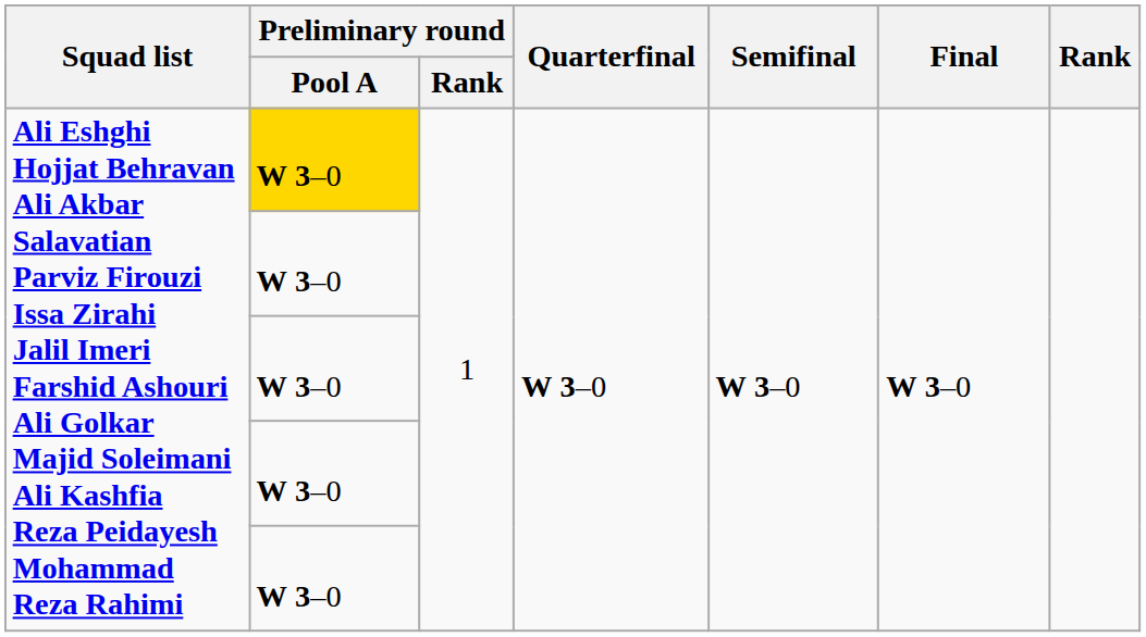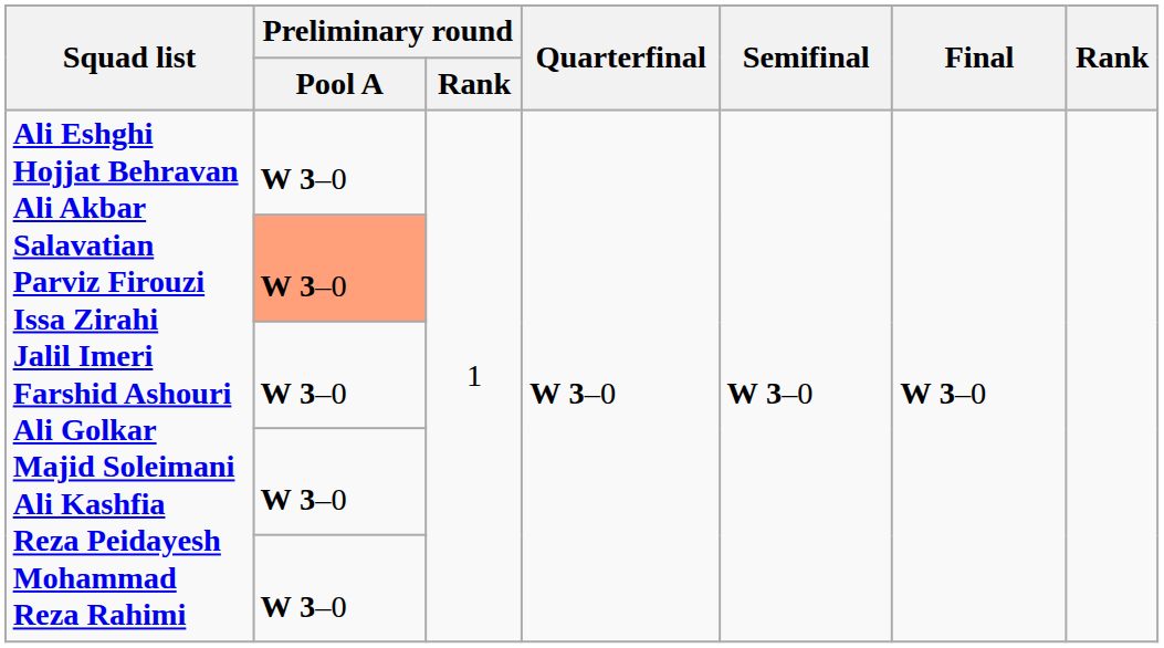 <table class="wikitable" width="85%" style="text-align:left; font-size:90%">
 <tr>
 <th rowspan="2" width="20%">Squad list</th>
 <th colspan="2">Preliminary round</th>
 <th rowspan="2" width="14%">Quarterfinal</th>
 <th rowspan="2" width="14%">Semifinal</th>
 <th rowspan="2" width="14%">Final</th>
 <th rowspan="2" width="5%">Rank</th>
 </tr>
 <tr>
 <th width="14%">Pool A</th>
 <th width="5%">Rank</th>
 </tr>
 <tr>
 <td rowspan="5"><strong><a href='#'>Ali Eshghi</a><br><a href='#'>Hojjat Behravan</a><br><a href='#'>Ali Akbar Salavatian</a><br><a href='#'>Parviz Firouzi</a><br><a href='#'>Issa Zirahi</a><br><a href='#'>Jalil Imeri</a><br><a href='#'>Farshid Ashouri</a><br><a href='#'>Ali Golkar</a><br><a href='#'>Majid Soleimani</a><br><a href='#'>Ali Kashfia</a><br><a href='#'>Reza Peidayesh</a><br><a href='#'>Mohammad Reza Rahimi</a></strong></td>
-<td style="background: gold;"><br><strong>W</strong> <strong>3</strong>–0</td>
+<td><br><strong>W</strong> <strong>3</strong>–0</td>
 <td rowspan="5" align=center>1 <strong></strong></td>
 <td rowspan="5"><br><strong>W</strong> <strong>3</strong>–0</td>
 <td rowspan="5"><br><strong>W</strong> <strong>3</strong>–0</td>
 <td rowspan="5"><br><strong>W</strong> <strong>3</strong>–0</td>
 <td rowspan="5" align="center"></td>
 </tr>
 <tr>
-<td><br><strong>W</strong> <strong>3</strong>–0</td>
+<td style="background: lightsalmon;"><br><strong>W</strong> <strong>3</strong>–0</td>
 </tr>
 <tr>
 <td><br><strong>W</strong> <strong>3</strong>–0</td>
 </tr>
 <tr>
 <td><br><strong>W</strong> <strong>3</strong>–0</td>
 </tr>
 <tr>
 <td><br><strong>W</strong> <strong>3</strong>–0</td>
 </tr>
 </table>
